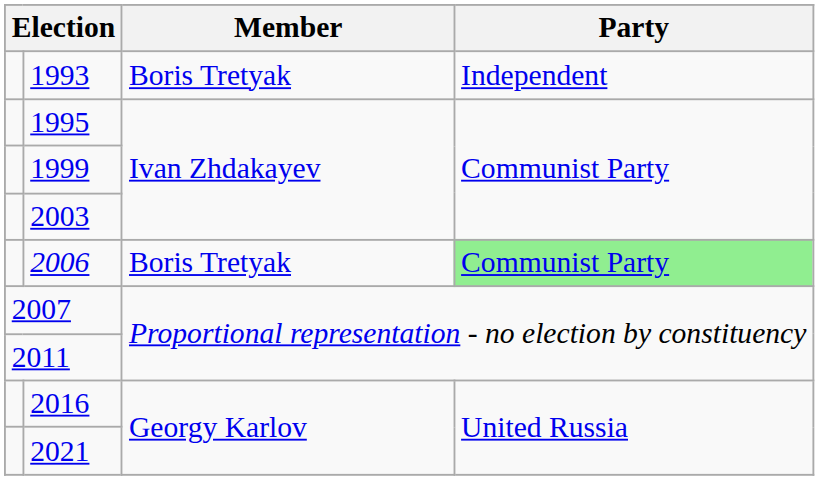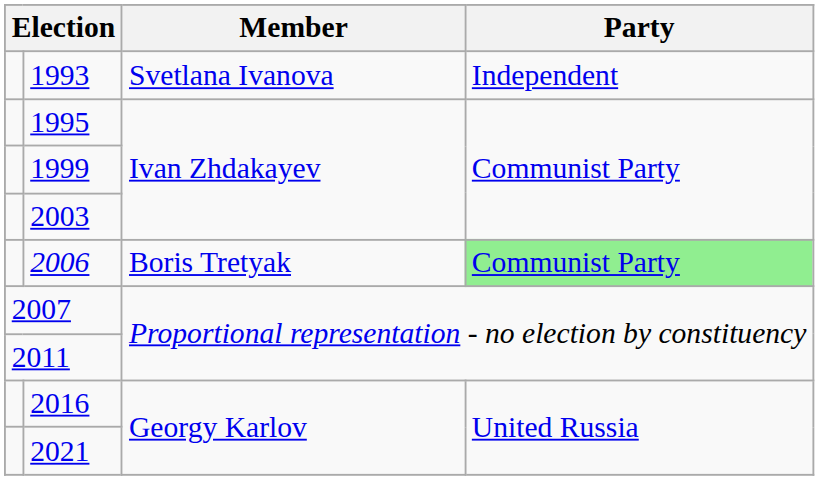 <table class="wikitable">
 <tr>
 <th colspan="2">Election</th>
 <th>Member</th>
 <th>Party</th>
 </tr>
 <tr>
 <td style="background-color: "></td>
 <td><a href='#'>1993</a></td>
-<td><a href='#'>Boris Tretyak</a></td>
+<td><a href='#'>Svetlana Ivanova</a></td>
 <td><a href='#'>Independent</a></td>
 </tr>
 <tr>
 <td style="background-color: "></td>
 <td><a href='#'>1995</a></td>
 <td rowspan=3><a href='#'>Ivan Zhdakayev</a></td>
 <td rowspan=3><a href='#'>Communist Party</a></td>
 </tr>
 <tr>
 <td style="background-color: "></td>
 <td><a href='#'>1999</a></td>
 </tr>
 <tr>
 <td style="background-color: "></td>
 <td><a href='#'>2003</a></td>
 </tr>
 <tr>
 <td style="background-color: "></td>
 <td><em><a href='#'>2006</a></em></td>
 <td><a href='#'>Boris Tretyak</a></td>
 <td style="background: lightgreen;"><a href='#'>Communist Party</a></td>
 </tr>
 <tr>
 <td colspan=2><a href='#'>2007</a></td>
 <td colspan=2 rowspan=2><em><a href='#'>Proportional representation</a> - no election by constituency</em></td>
 </tr>
 <tr>
 <td colspan=2><a href='#'>2011</a></td>
 </tr>
 <tr>
 <td style="background-color: "></td>
 <td><a href='#'>2016</a></td>
 <td rowspan=2><a href='#'>Georgy Karlov</a></td>
 <td rowspan=2><a href='#'>United Russia</a></td>
 </tr>
 <tr>
 <td style="background-color: "></td>
 <td><a href='#'>2021</a></td>
 </tr>
 </table>
